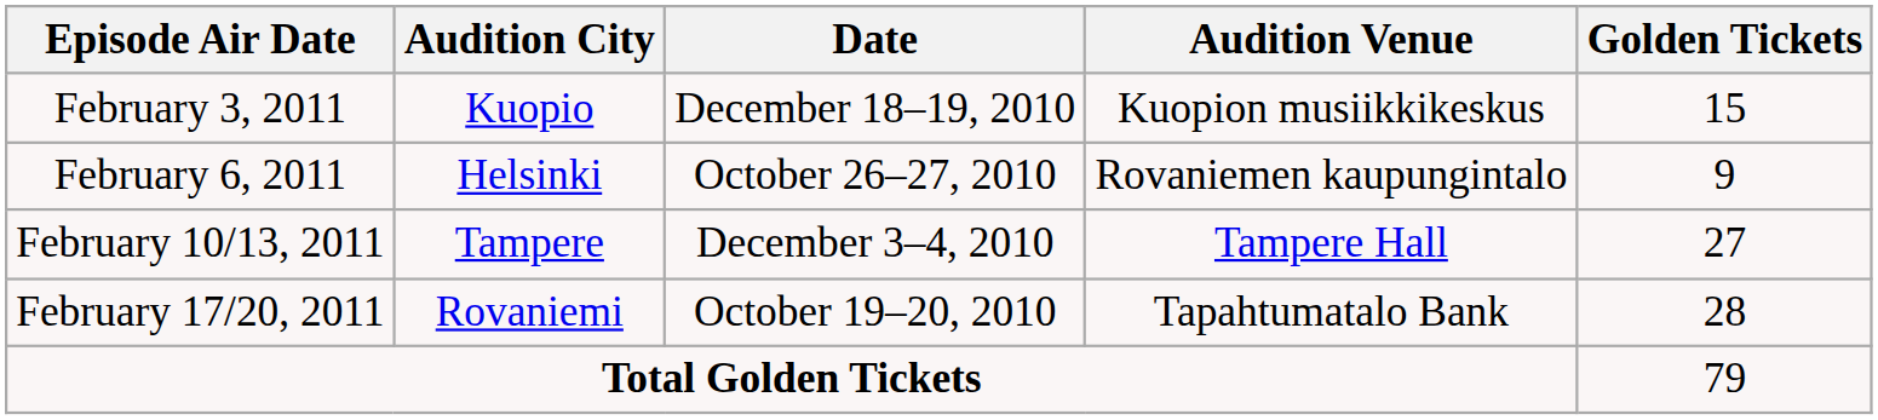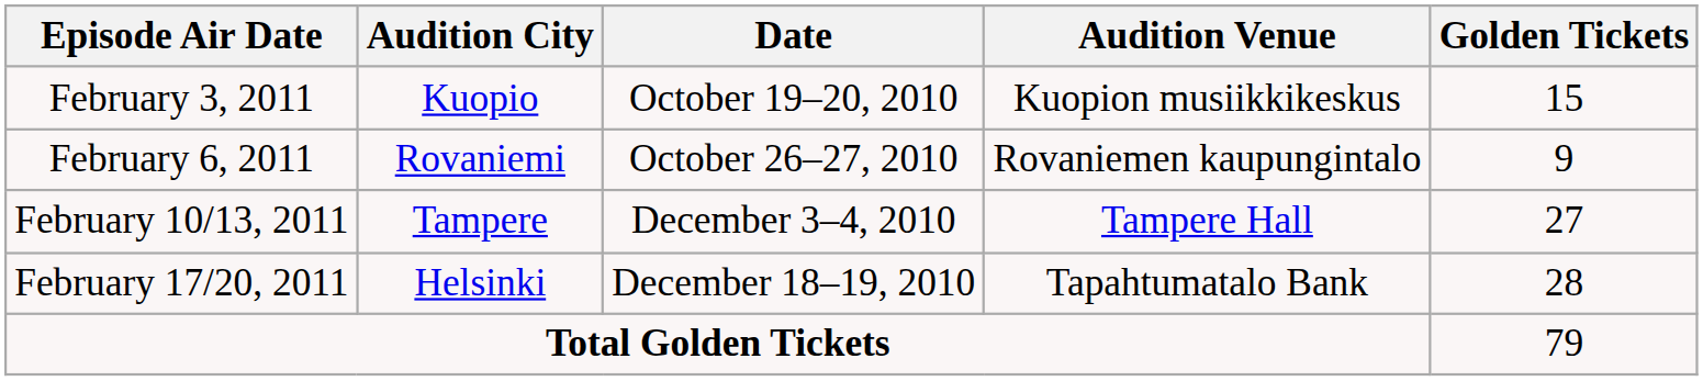 <table class="wikitable">
 <tr>
 <th>Episode Air Date</th>
 <th>Audition City</th>
 <th>Date</th>
 <th>Audition Venue</th>
 <th>Golden Tickets</th>
 </tr>
 <tr>
 <td align="center" bgcolor="#FAF6F6">February 3, 2011</td>
 <td align="center" bgcolor="#FAF6F6"><a href='#'>Kuopio</a></td>
-<td align="center" bgcolor="#FAF6F6">December 18–19, 2010</td>
+<td align="center" bgcolor="#FAF6F6">October 19–20, 2010</td>
 <td align="center" bgcolor="#FAF6F6">Kuopion musiikkikeskus</td>
 <td align="center" bgcolor="#FAF6F6">15</td>
 </tr>
 <tr>
 <td align="center" bgcolor="#FAF6F6">February 6, 2011</td>
-<td align="center" bgcolor="#FAF6F6"><a href='#'>Helsinki</a></td>
+<td align="center" bgcolor="#FAF6F6"><a href='#'>Rovaniemi</a></td>
 <td align="center" bgcolor="#FAF6F6">October 26–27, 2010</td>
 <td align="center" bgcolor="#FAF6F6">Rovaniemen kaupungintalo</td>
 <td align="center" bgcolor="#FAF6F6">9</td>
 </tr>
 <tr>
 <td align="center" bgcolor="#FAF6F6">February 10/13, 2011</td>
 <td align="center" bgcolor="#FAF6F6"><a href='#'>Tampere</a></td>
 <td align="center" bgcolor="#FAF6F6">December 3–4, 2010</td>
 <td align="center" bgcolor="#FAF6F6"><a href='#'>Tampere Hall</a></td>
 <td align="center" bgcolor="#FAF6F6">27</td>
 </tr>
 <tr>
 <td align="center" bgcolor="#FAF6F6">February 17/20, 2011</td>
-<td align="center" bgcolor="#FAF6F6"><a href='#'>Rovaniemi</a></td>
-<td align="center" bgcolor="#FAF6F6">October 19–20, 2010</td>
+<td align="center" bgcolor="#FAF6F6"><a href='#'>Helsinki</a></td>
+<td align="center" bgcolor="#FAF6F6">December 18–19, 2010</td>
 <td align="center" bgcolor="#FAF6F6">Tapahtumatalo Bank</td>
 <td align="center" bgcolor="#FAF6F6">28</td>
 </tr>
 <tr>
 <td align="center" bgcolor="#FAF6F6" colspan="4"><strong>Total Golden Tickets</strong></td>
 <td align="center" bgcolor="#FAF6F6">79</td>
 </tr>
 </table>
